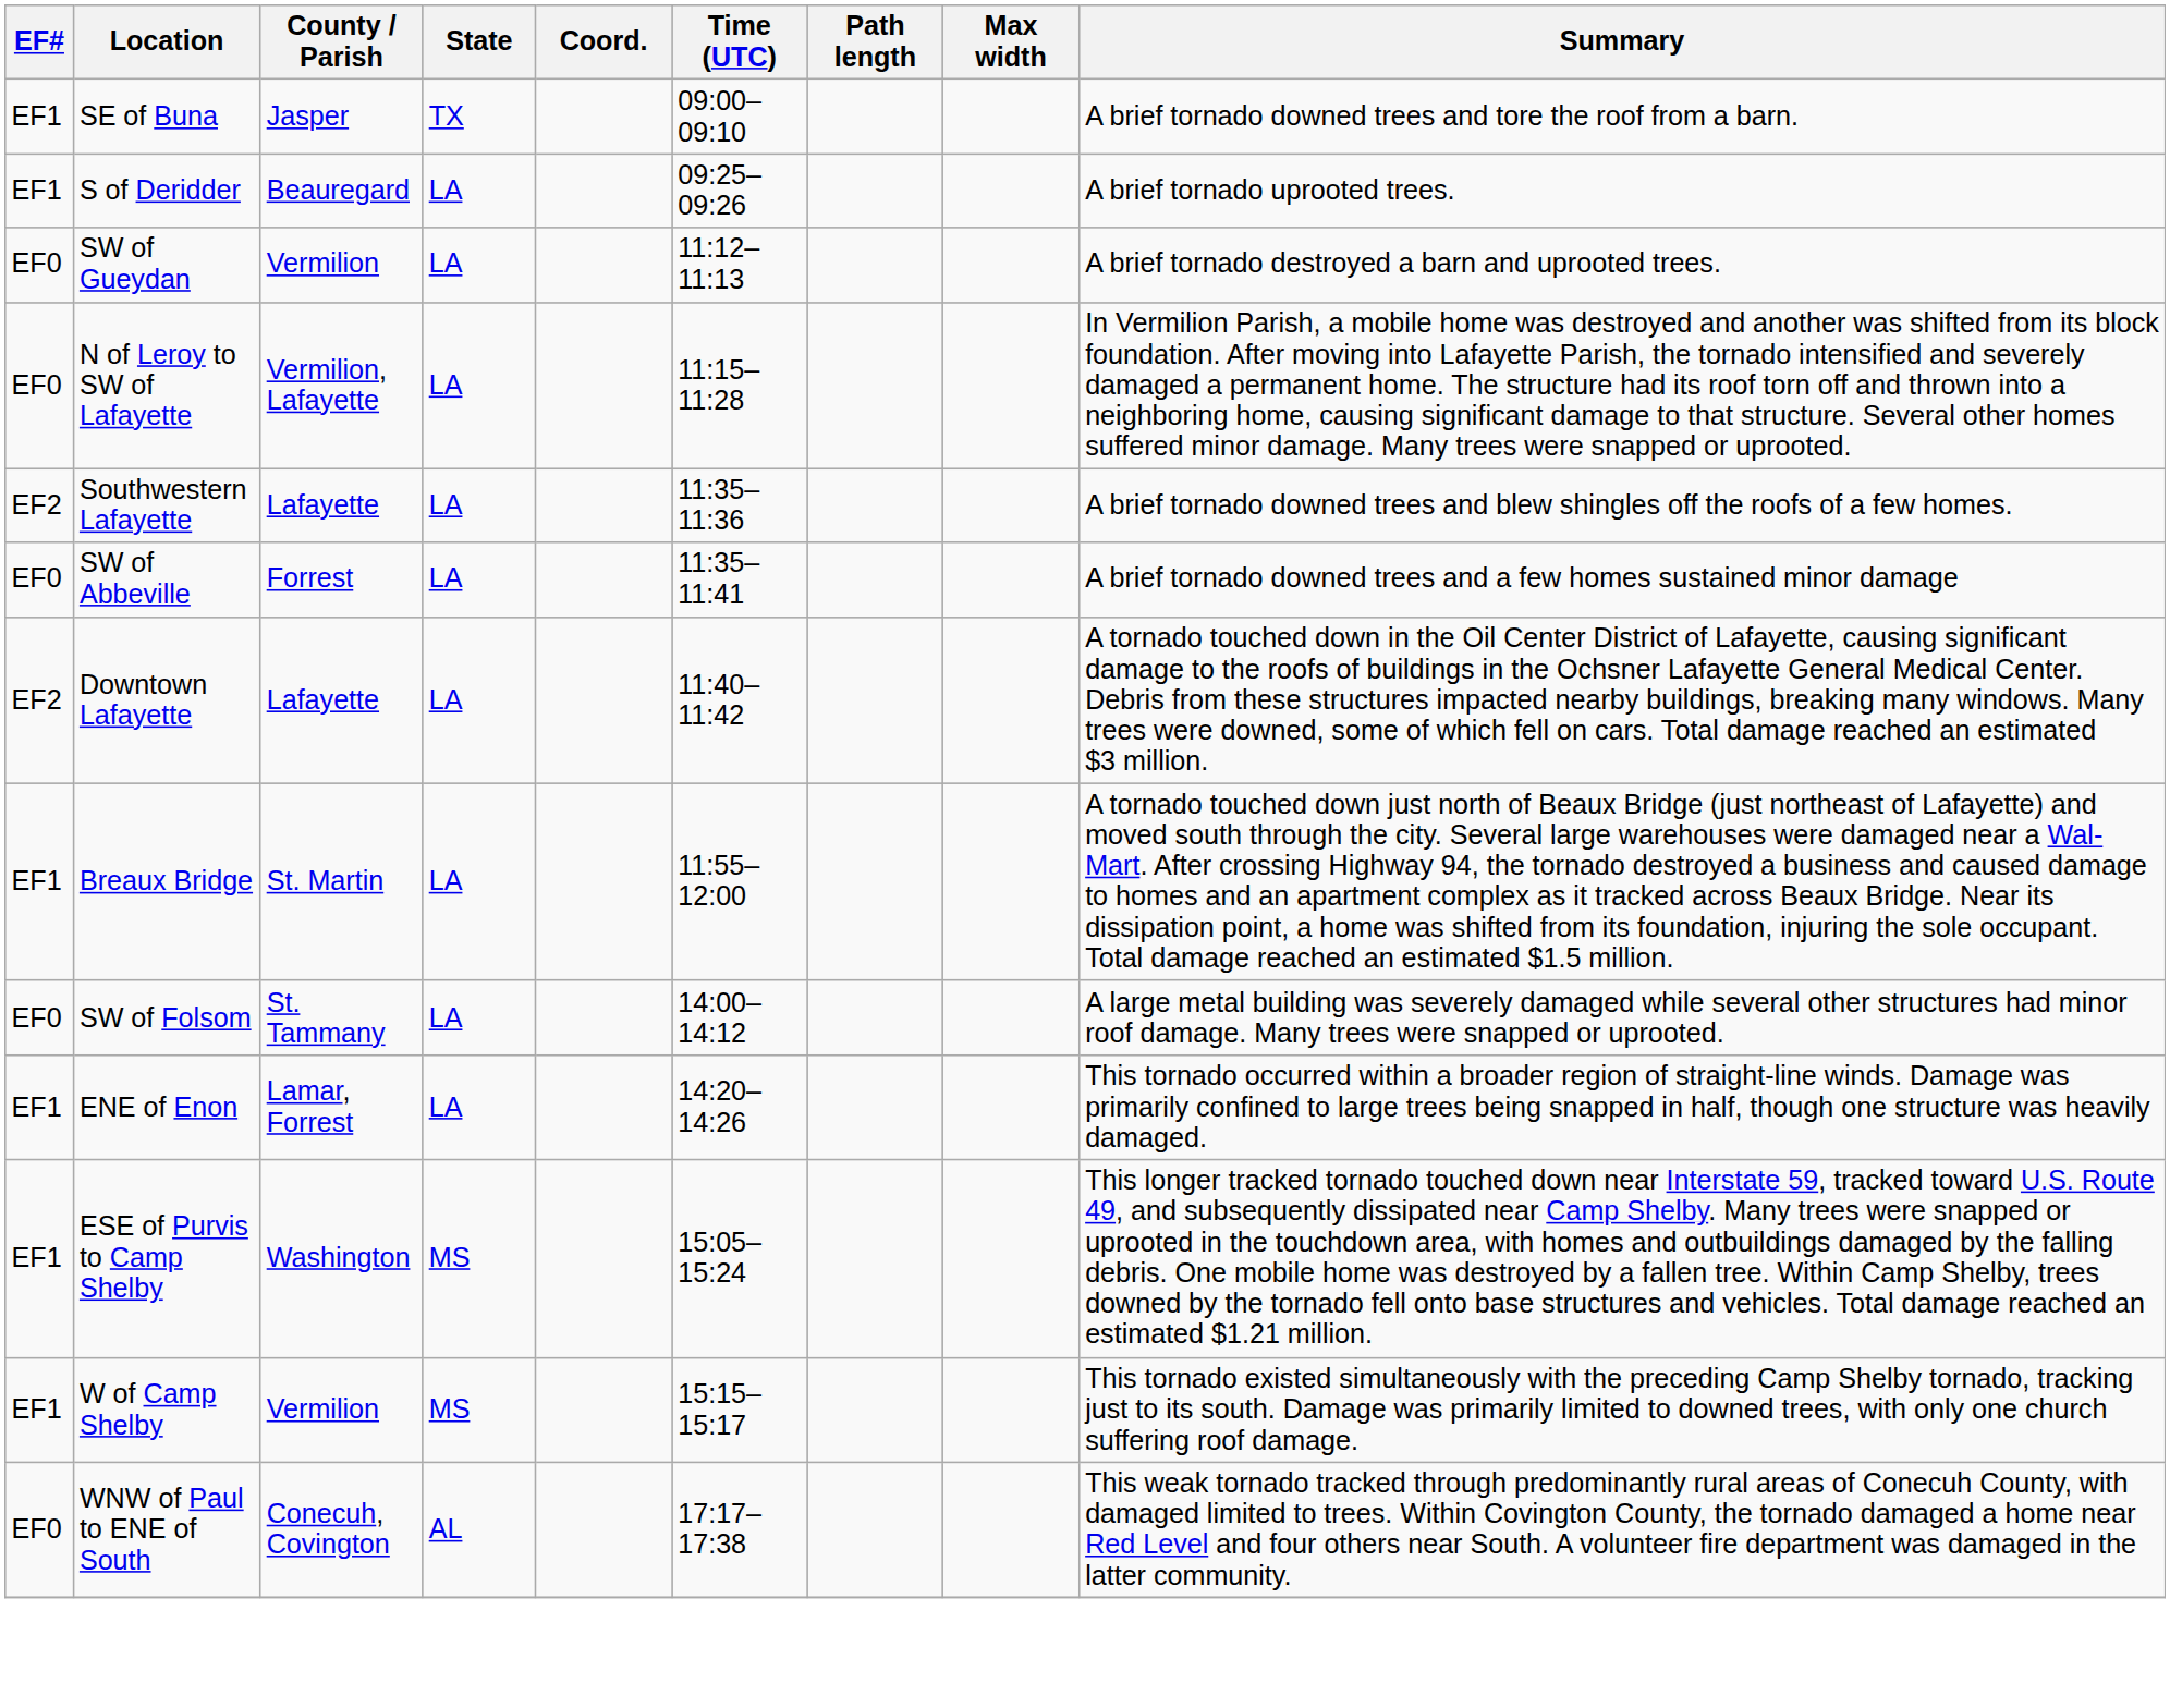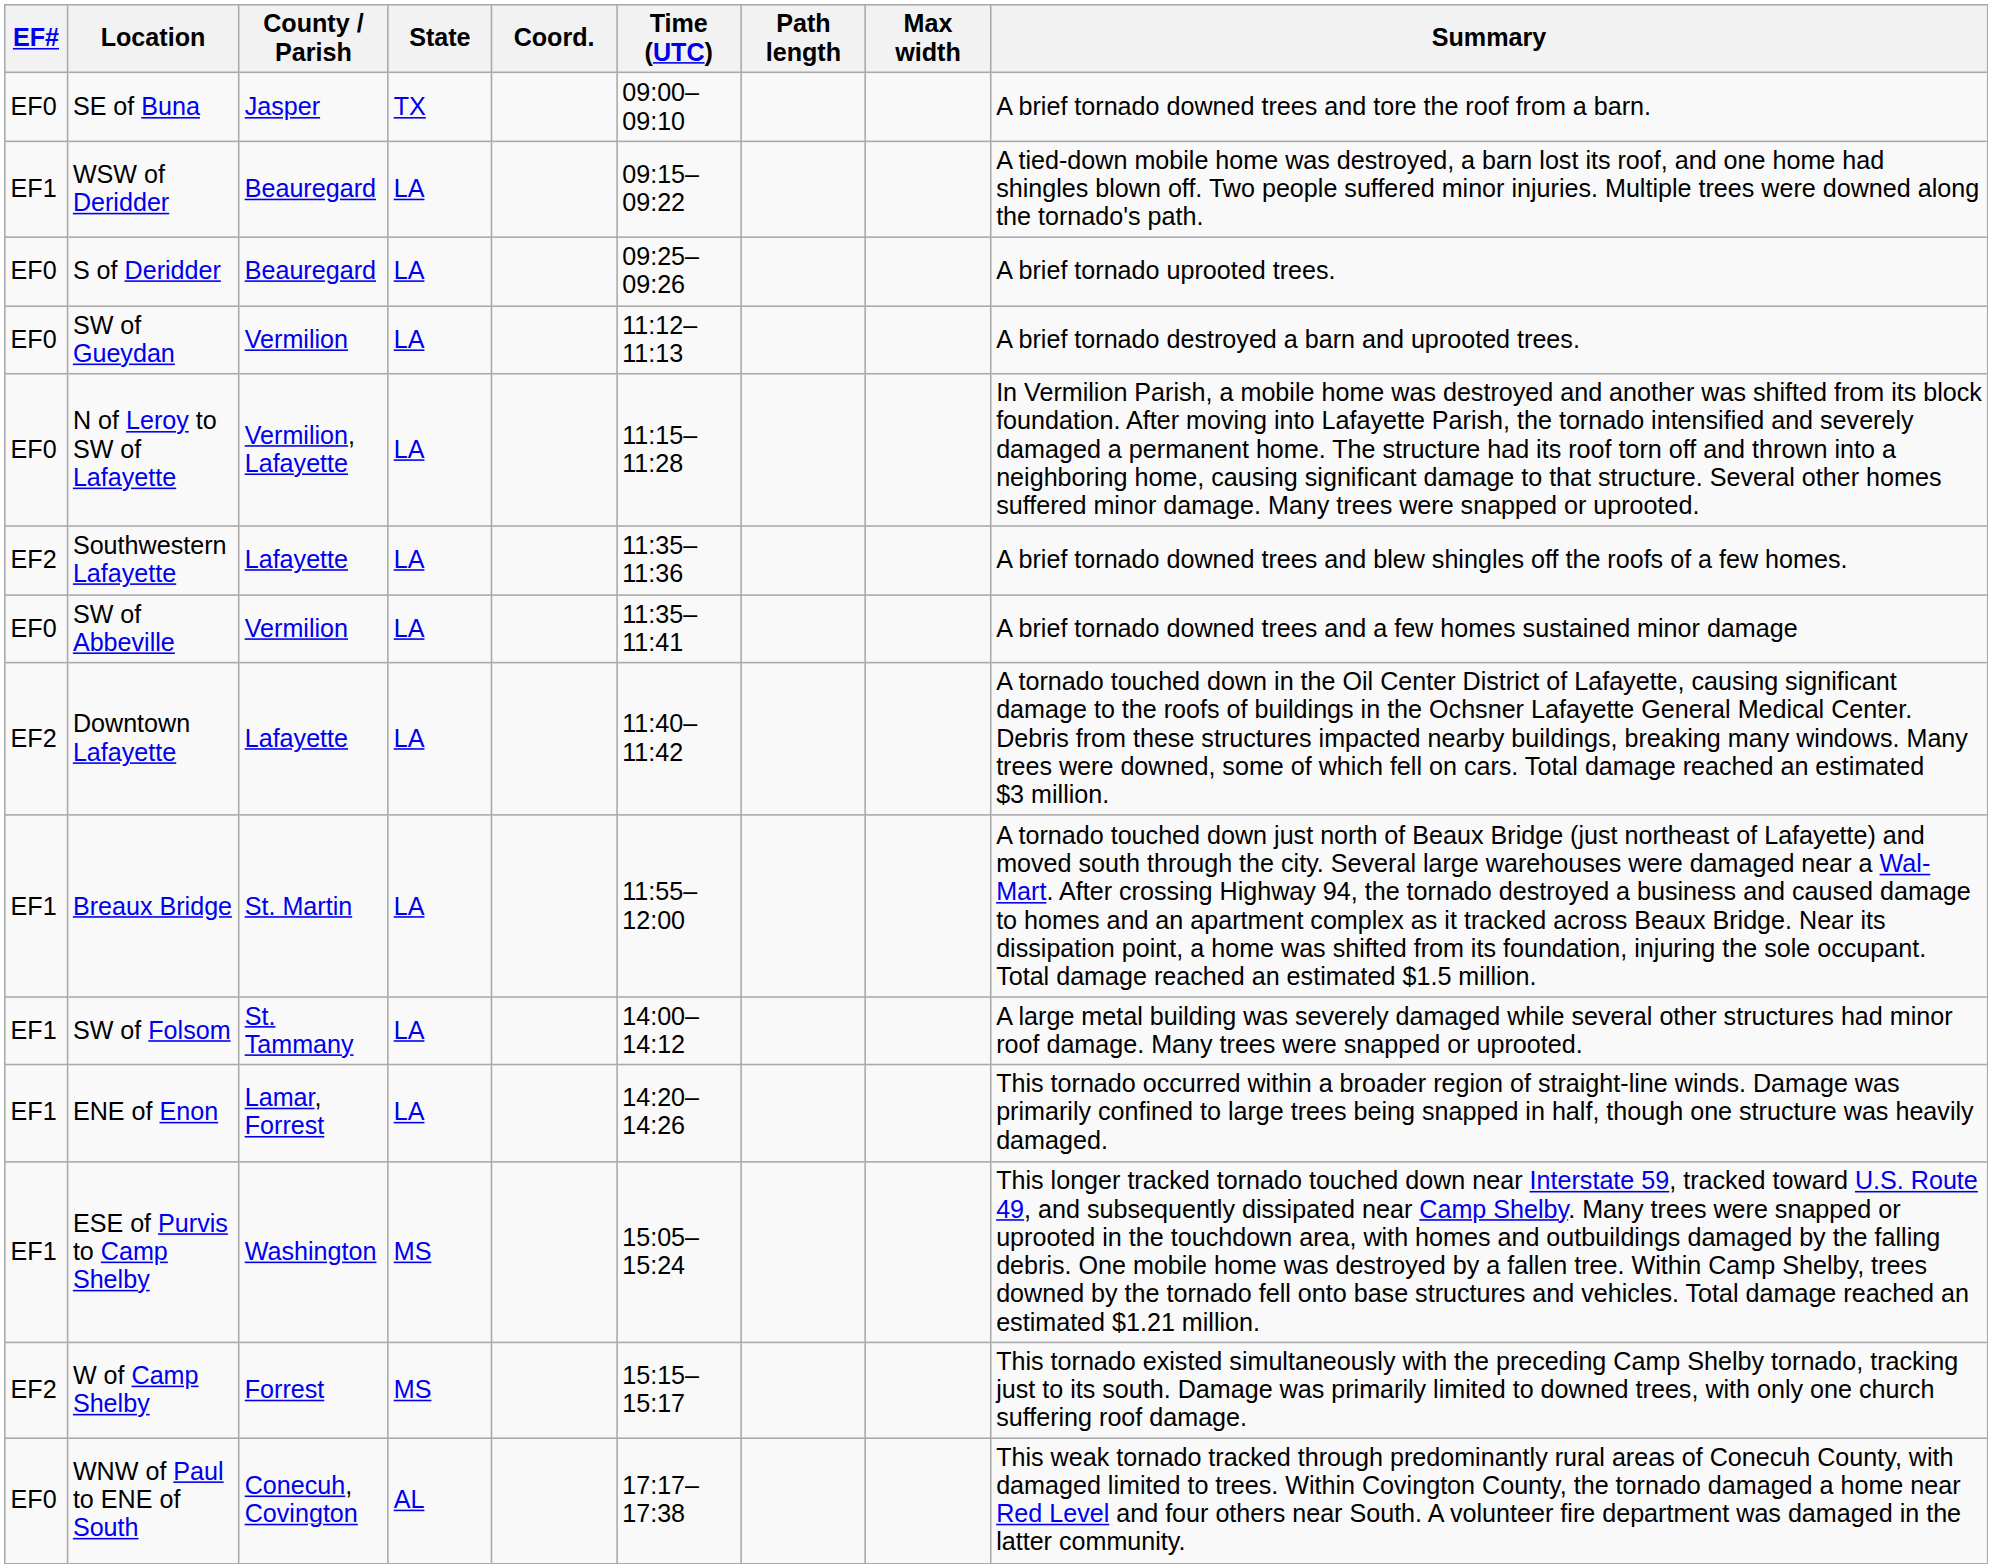 <table class="wikitable sortable" style="width:100%;">
 <tr>
 <th scope="col" width="3%" align="center"><a href='#'>EF#</a></th>
 <th scope="col" width="7%" align="center" class="unsortable">Location</th>
 <th scope="col" width="6%" align="center" class="unsortable">County / Parish</th>
 <th scope="col" width="5%" align="center">State</th>
 <th scope="col" width="6%" align="center">Coord.</th>
 <th scope="col" width="6%" align="center">Time (<a href='#'>UTC</a>)</th>
 <th scope="col" width="6%" align="center">Path length</th>
 <th scope="col" width="6%" align="center">Max width</th>
 <th scope="col" width="48%" class="unsortable" align="center">Summary</th>
 </tr>
 <tr>
-<td>EF1</td>
+<td>EF0</td>
 <td>SE of <a href='#'>Buna</a></td>
 <td><a href='#'>Jasper</a></td>
 <td><a href='#'>TX</a></td>
 <td></td>
 <td>09:00–09:10</td>
 <td></td>
 <td></td>
 <td>A brief tornado downed trees and tore the roof from a barn.</td>
 </tr>
 <tr>
 <td>EF1</td>
+<td>WSW of <a href='#'>Deridder</a></td>
+<td><a href='#'>Beauregard</a></td>
+<td><a href='#'>LA</a></td>
+<td></td>
+<td>09:15–09:22</td>
+<td></td>
+<td></td>
+<td>A tied-down mobile home was destroyed, a barn lost its roof, and one home had shingles blown off. Two people suffered minor injuries. Multiple trees were downed along the tornado's path.</td>
+</tr>
+<tr>
+<td>EF0</td>
 <td>S of <a href='#'>Deridder</a></td>
 <td><a href='#'>Beauregard</a></td>
 <td><a href='#'>LA</a></td>
 <td></td>
 <td>09:25–09:26</td>
 <td></td>
 <td></td>
 <td>A brief tornado uprooted trees.</td>
 </tr>
 <tr>
 <td>EF0</td>
 <td>SW of <a href='#'>Gueydan</a></td>
 <td><a href='#'>Vermilion</a></td>
 <td><a href='#'>LA</a></td>
 <td></td>
 <td>11:12–11:13</td>
 <td></td>
 <td></td>
 <td>A brief tornado destroyed a barn and uprooted trees.</td>
 </tr>
 <tr>
 <td>EF0</td>
 <td>N of <a href='#'>Leroy</a> to SW of <a href='#'>Lafayette</a></td>
 <td><a href='#'>Vermilion</a>, <a href='#'>Lafayette</a></td>
 <td><a href='#'>LA</a></td>
 <td></td>
 <td>11:15–11:28</td>
 <td></td>
 <td></td>
 <td>In Vermilion Parish, a mobile home was destroyed and another was shifted from its block foundation. After moving into Lafayette Parish, the tornado intensified and severely damaged a permanent home. The structure had its roof torn off and thrown into a neighboring home, causing significant damage to that structure. Several other homes suffered minor damage. Many trees were snapped or uprooted.</td>
 </tr>
 <tr>
 <td>EF2</td>
 <td>Southwestern <a href='#'>Lafayette</a></td>
 <td><a href='#'>Lafayette</a></td>
 <td><a href='#'>LA</a></td>
 <td></td>
 <td>11:35–11:36</td>
 <td></td>
 <td></td>
 <td>A brief tornado downed trees and blew shingles off the roofs of a few homes.</td>
 </tr>
 <tr>
 <td>EF0</td>
 <td>SW of <a href='#'>Abbeville</a></td>
-<td><a href='#'>Forrest</a></td>
+<td><a href='#'>Vermilion</a></td>
 <td><a href='#'>LA</a></td>
 <td></td>
 <td>11:35–11:41</td>
 <td></td>
 <td></td>
 <td>A brief tornado downed trees and a few homes sustained minor damage</td>
 </tr>
 <tr>
 <td>EF2</td>
 <td>Downtown <a href='#'>Lafayette</a></td>
 <td><a href='#'>Lafayette</a></td>
 <td><a href='#'>LA</a></td>
 <td></td>
 <td>11:40–11:42</td>
 <td></td>
 <td></td>
 <td>A tornado touched down in the Oil Center District of Lafayette, causing significant damage to the roofs of buildings in the Ochsner Lafayette General Medical Center. Debris from these structures impacted nearby buildings, breaking many windows. Many trees were downed, some of which fell on cars. Total damage reached an estimated $3 million.</td>
 </tr>
 <tr>
 <td>EF1</td>
 <td><a href='#'>Breaux Bridge</a></td>
 <td><a href='#'>St. Martin</a></td>
 <td><a href='#'>LA</a></td>
 <td></td>
 <td>11:55–12:00</td>
 <td></td>
 <td></td>
 <td>A tornado touched down just north of Beaux Bridge (just northeast of Lafayette) and moved south through the city. Several large warehouses were damaged near a <a href='#'>Wal-Mart</a>. After crossing Highway 94, the tornado destroyed a business and caused damage to homes and an apartment complex as it tracked across Beaux Bridge. Near its dissipation point, a home was shifted from its foundation, injuring the sole occupant. Total damage reached an estimated $1.5 million.</td>
 </tr>
 <tr>
-<td>EF0</td>
+<td>EF1</td>
 <td>SW of <a href='#'>Folsom</a></td>
 <td><a href='#'>St. Tammany</a></td>
 <td><a href='#'>LA</a></td>
 <td></td>
 <td>14:00–14:12</td>
 <td></td>
 <td></td>
 <td>A large metal building was severely damaged while several other structures had minor roof damage. Many trees were snapped or uprooted.</td>
 </tr>
 <tr>
 <td>EF1</td>
 <td>ENE of <a href='#'>Enon</a></td>
 <td><a href='#'>Lamar</a>, <a href='#'>Forrest</a></td>
 <td><a href='#'>LA</a></td>
 <td></td>
 <td>14:20–14:26</td>
 <td></td>
 <td></td>
 <td>This tornado occurred within a broader region of straight-line winds. Damage was primarily confined to large trees being snapped in half, though one structure was heavily damaged.</td>
 </tr>
 <tr>
 <td>EF1</td>
 <td>ESE of <a href='#'>Purvis</a> to <a href='#'>Camp Shelby</a></td>
 <td><a href='#'>Washington</a></td>
 <td><a href='#'>MS</a></td>
 <td></td>
 <td>15:05–15:24</td>
 <td></td>
 <td></td>
 <td>This longer tracked tornado touched down near <a href='#'>Interstate 59</a>, tracked toward <a href='#'>U.S. Route 49</a>, and subsequently dissipated near <a href='#'>Camp Shelby</a>. Many trees were snapped or uprooted in the touchdown area, with homes and outbuildings damaged by the falling debris. One mobile home was destroyed by a fallen tree. Within Camp Shelby, trees downed by the tornado fell onto base structures and vehicles. Total damage reached an estimated $1.21 million.</td>
 </tr>
 <tr>
-<td>EF1</td>
+<td>EF2</td>
 <td>W of <a href='#'>Camp Shelby</a></td>
-<td><a href='#'>Vermilion</a></td>
+<td><a href='#'>Forrest</a></td>
 <td><a href='#'>MS</a></td>
 <td></td>
 <td>15:15–15:17</td>
 <td></td>
 <td></td>
 <td>This tornado existed simultaneously with the preceding Camp Shelby tornado, tracking just to its south. Damage was primarily limited to downed trees, with only one church suffering roof damage.</td>
 </tr>
 <tr>
 <td>EF0</td>
 <td>WNW of <a href='#'>Paul</a> to ENE of <a href='#'>South</a></td>
 <td><a href='#'>Conecuh</a>, <a href='#'>Covington</a></td>
 <td><a href='#'>AL</a></td>
 <td></td>
 <td>17:17–17:38</td>
 <td></td>
 <td></td>
 <td>This weak tornado tracked through predominantly rural areas of Conecuh County, with damaged limited to trees. Within Covington County, the tornado damaged a home near <a href='#'>Red Level</a> and four others near South. A volunteer fire department was damaged in the latter community.</td>
 </tr>
 <tr>
 </tr>
 </table>
